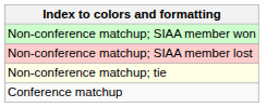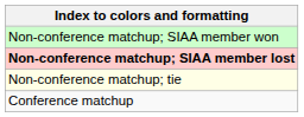 <table class="wikitable">
 <tr>
 <th>Index to colors and formatting</th>
 </tr>
 <tr bgcolor=#ccffcc>
 <td>Non-conference matchup; SIAA member won</td>
 </tr>
 <tr bgcolor=#ffcccc>
-<td>Non-conference matchup; SIAA member lost</td>
+<td><strong>Non-conference matchup; SIAA member lost</strong></td>
 </tr>
 <tr bgcolor=#ffffe6>
 <td>Non-conference matchup; tie</td>
 </tr>
 <tr>
 <td>Conference matchup</td>
 </tr>
 </table>
